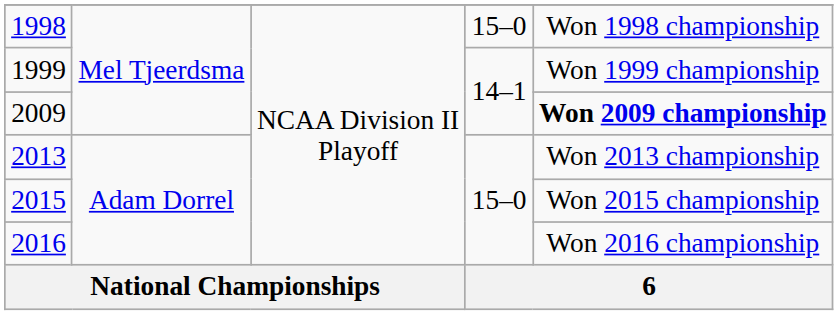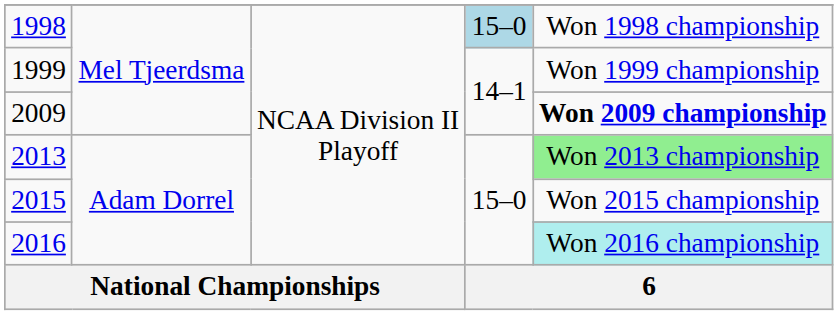 <table class="wikitable" style="width: %; text-align:center";>
 <tr>
 </tr>
 <tr>
 <td><a href='#'>1998</a></td>
 <td rowspan="3"><a href='#'>Mel Tjeerdsma</a></td>
 <td rowspan="6">NCAA Division II <br> Playoff</td>
-<td>15–0</td>
+<td style="background: lightblue;">15–0</td>
 <td>Won <a href='#'>1998 championship</a></td>
 </tr>
 <tr>
 <td>1999</td>
 <td rowspan="2">14–1</td>
 <td>Won <a href='#'>1999 championship</a></td>
 </tr>
 <tr>
 <td>2009</td>
 <td><strong>Won <a href='#'>2009 championship</a></strong></td>
 </tr>
 <tr>
 <td><a href='#'>2013</a></td>
 <td rowspan="3"><a href='#'>Adam Dorrel</a></td>
 <td rowspan="3">15–0</td>
-<td>Won <a href='#'>2013 championship</a></td>
+<td style="background: lightgreen;">Won <a href='#'>2013 championship</a></td>
 </tr>
 <tr>
 <td><a href='#'>2015</a></td>
 <td>Won <a href='#'>2015 championship</a></td>
 </tr>
 <tr>
 <td><a href='#'>2016</a></td>
-<td>Won <a href='#'>2016 championship</a></td>
+<td style="background: paleturquoise;">Won <a href='#'>2016 championship</a></td>
 </tr>
 <tr>
 <th colspan="3"><strong>National Championships</strong></th>
 <th colspan="3"><strong>6</strong></th>
 </tr>
 </table>
